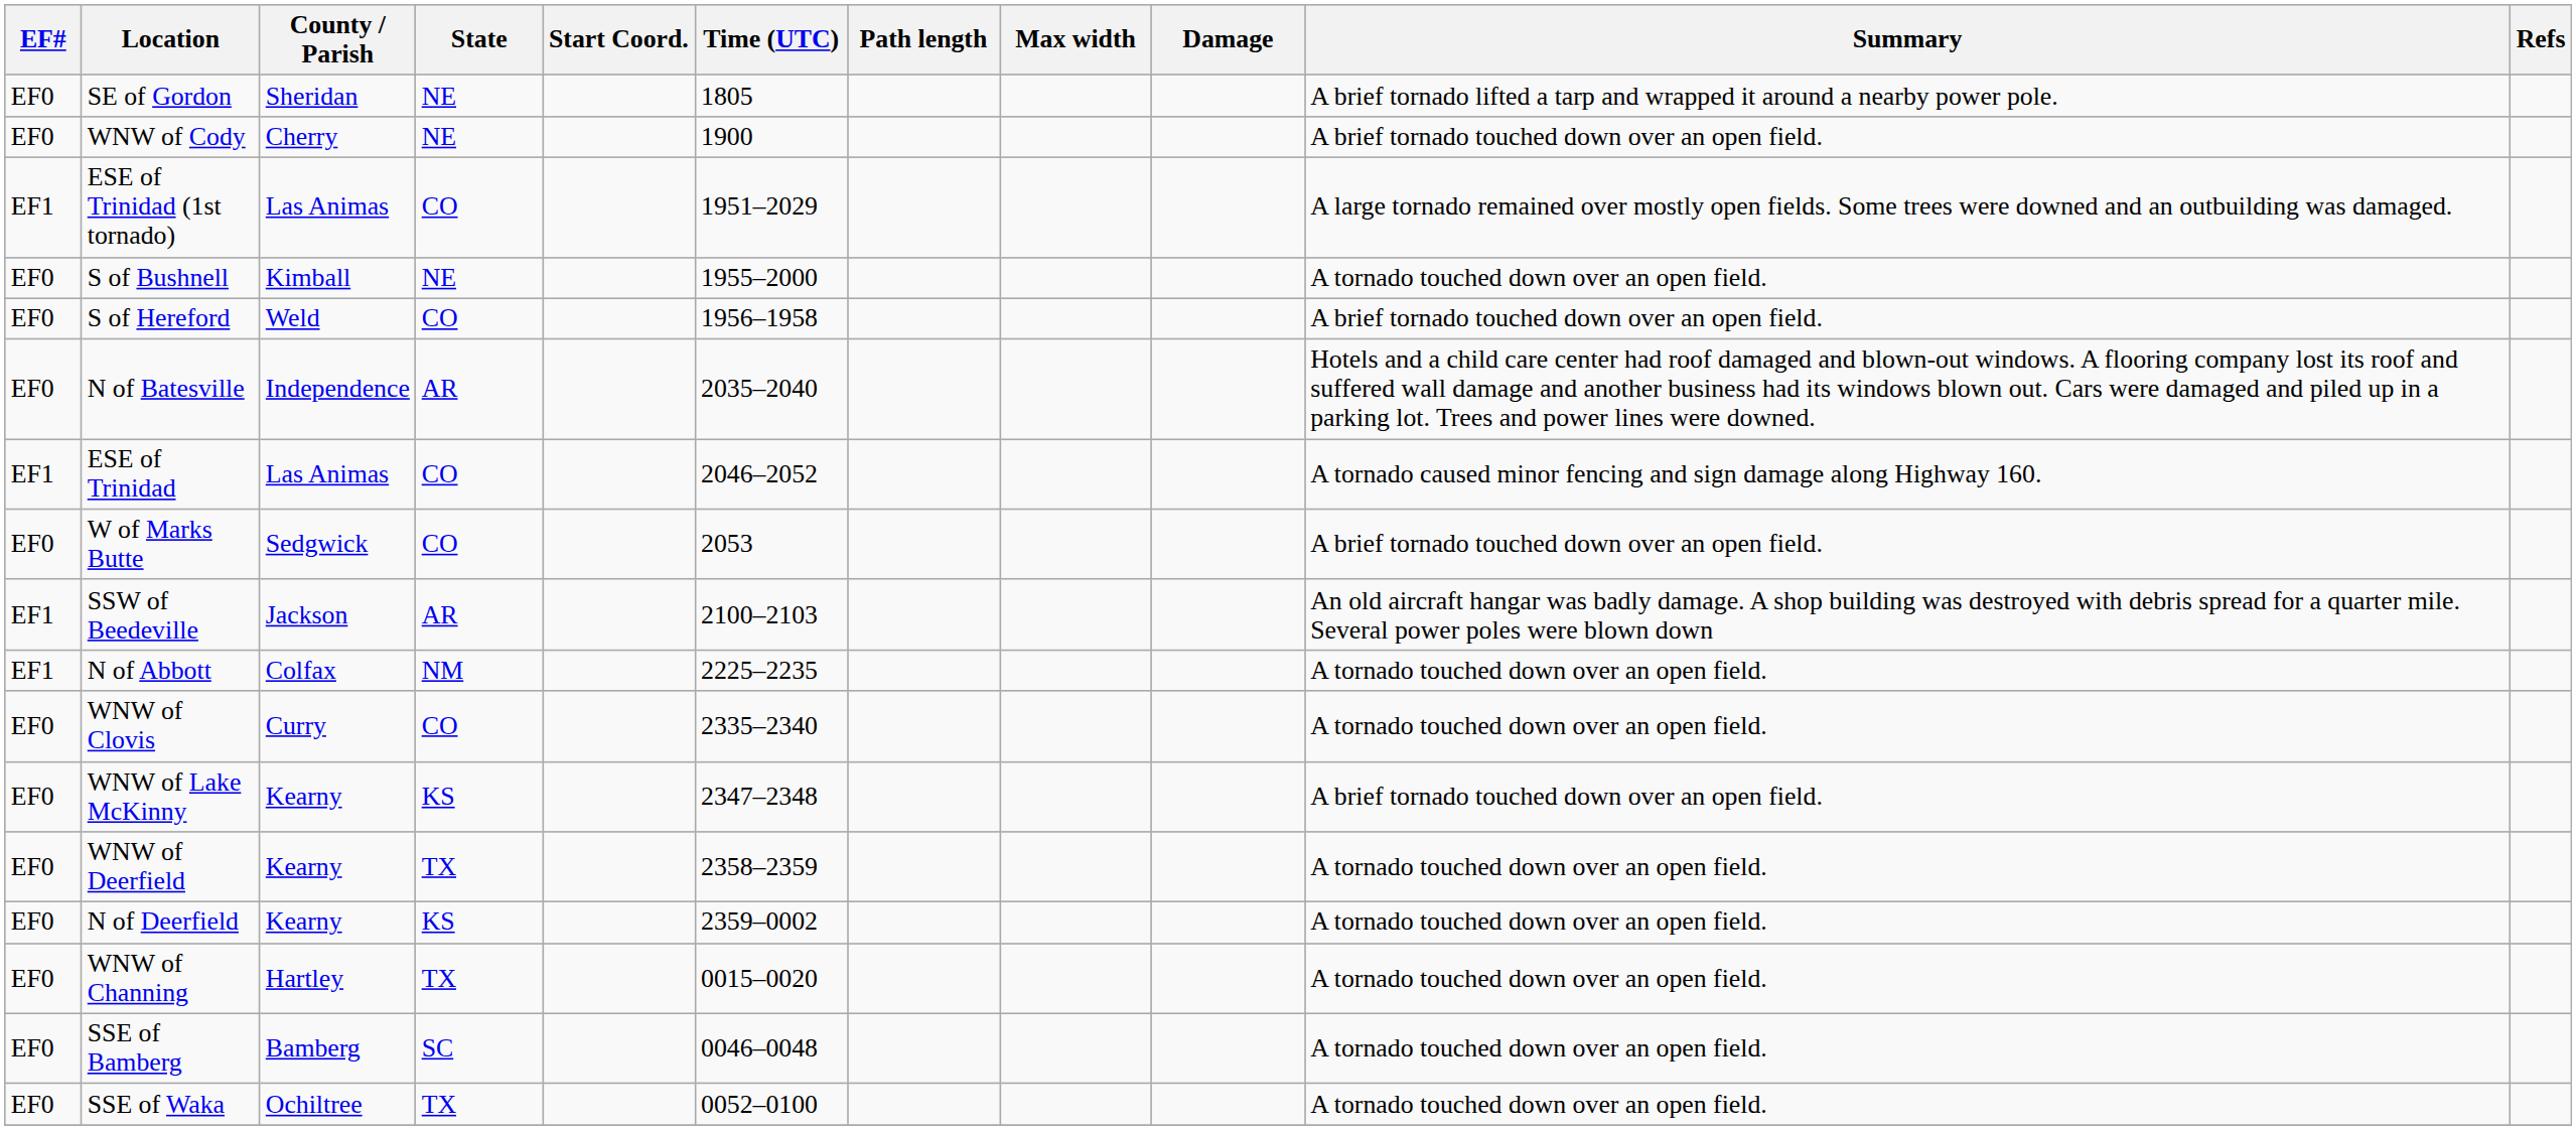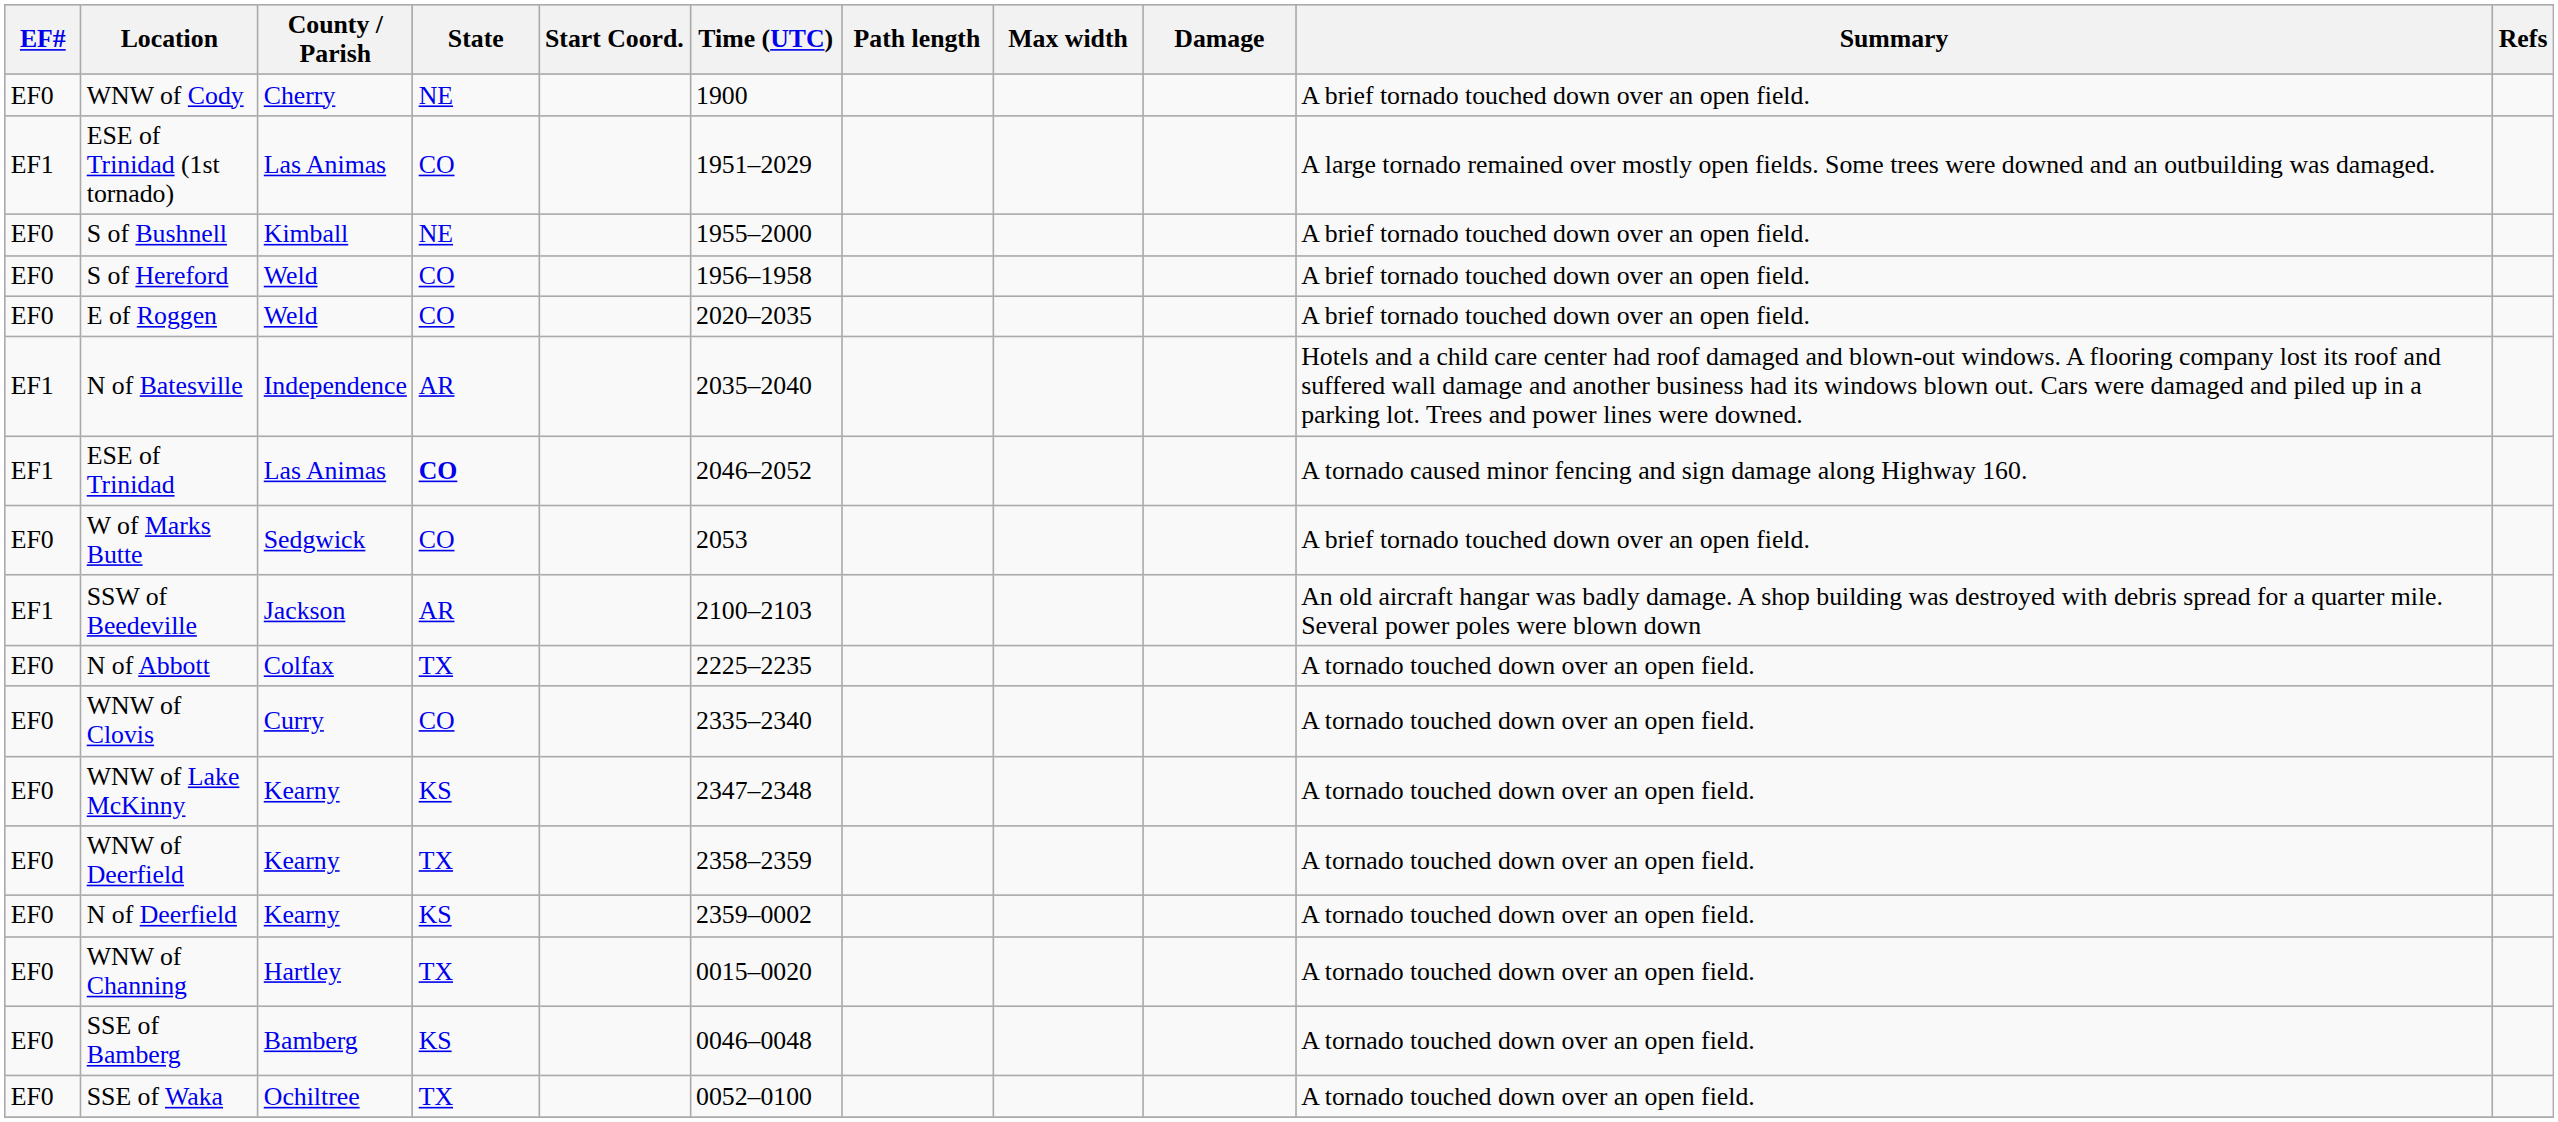 <table class="wikitable sortable" style="width:100%;">
 <tr>
 <th scope="col" width="3%" align="center"><a href='#'>EF#</a></th>
 <th scope="col" width="7%" align="center" class="unsortable">Location</th>
 <th scope="col" width="6%" align="center" class="unsortable">County / Parish</th>
 <th scope="col" width="5%" align="center">State</th>
 <th scope="col" width="6%" align="center">Start Coord.</th>
 <th scope="col" width="6%" align="center">Time (<a href='#'>UTC</a>)</th>
 <th scope="col" width="6%" align="center">Path length</th>
 <th scope="col" width="6%" align="center">Max width</th>
 <th scope="col" width="6%" align="center">Damage</th>
 <th scope="col" width="48%" class="unsortable" align="center">Summary</th>
 <th scope="col" width="48%" class="unsortable" align="center">Refs</th>
-</tr>
-<tr>
-<td>EF0</td>
-<td>SE of <a href='#'>Gordon</a></td>
-<td><a href='#'>Sheridan</a></td>
-<td><a href='#'>NE</a></td>
-<td></td>
-<td>1805</td>
-<td></td>
-<td></td>
-<td></td>
-<td>A brief tornado lifted a tarp and wrapped it around a nearby power pole.</td>
-<td></td>
 </tr>
 <tr>
 <td>EF0</td>
 <td>WNW of <a href='#'>Cody</a></td>
 <td><a href='#'>Cherry</a></td>
 <td><a href='#'>NE</a></td>
 <td></td>
 <td>1900</td>
 <td></td>
 <td></td>
 <td></td>
 <td>A brief tornado touched down over an open field.</td>
 <td></td>
 </tr>
 <tr>
 <td>EF1</td>
 <td>ESE of <a href='#'>Trinidad</a> (1st tornado)</td>
 <td><a href='#'>Las Animas</a></td>
 <td><a href='#'>CO</a></td>
 <td></td>
 <td>1951–2029</td>
 <td></td>
 <td></td>
 <td></td>
 <td>A large tornado remained over mostly open fields. Some trees were downed and an outbuilding was damaged.</td>
 <td></td>
 </tr>
 <tr>
 <td>EF0</td>
 <td>S of <a href='#'>Bushnell</a></td>
 <td><a href='#'>Kimball</a></td>
 <td><a href='#'>NE</a></td>
 <td></td>
 <td>1955–2000</td>
 <td></td>
 <td></td>
 <td></td>
-<td>A tornado touched down over an open field.</td>
+<td>A brief tornado touched down over an open field.</td>
 <td></td>
 </tr>
 <tr>
 <td>EF0</td>
 <td>S of <a href='#'>Hereford</a></td>
 <td><a href='#'>Weld</a></td>
 <td><a href='#'>CO</a></td>
 <td></td>
 <td>1956–1958</td>
 <td></td>
 <td></td>
 <td></td>
 <td>A brief tornado touched down over an open field.</td>
 <td></td>
 </tr>
 <tr>
 <td>EF0</td>
+<td>E of <a href='#'>Roggen</a></td>
+<td><a href='#'>Weld</a></td>
+<td><a href='#'>CO</a></td>
+<td></td>
+<td>2020–2035</td>
+<td></td>
+<td></td>
+<td></td>
+<td>A brief tornado touched down over an open field.</td>
+<td></td>
+</tr>
+<tr>
+<td>EF1</td>
 <td>N of <a href='#'>Batesville</a></td>
 <td><a href='#'>Independence</a></td>
 <td><a href='#'>AR</a></td>
 <td></td>
 <td>2035–2040</td>
 <td></td>
 <td></td>
 <td></td>
 <td>Hotels and a child care center had roof damaged and blown-out windows. A flooring company lost its roof and suffered wall damage and another business had its windows blown out. Cars were damaged and piled up in a parking lot. Trees and power lines were downed.</td>
 <td></td>
 </tr>
 <tr>
 <td>EF1</td>
 <td>ESE of <a href='#'>Trinidad</a></td>
 <td><a href='#'>Las Animas</a></td>
-<td><a href='#'>CO</a></td>
+<td><strong><a href='#'>CO</a></strong></td>
 <td></td>
 <td>2046–2052</td>
 <td></td>
 <td></td>
 <td></td>
 <td>A tornado caused minor fencing and sign damage along Highway 160.</td>
 <td></td>
 </tr>
 <tr>
 <td>EF0</td>
 <td>W of <a href='#'>Marks Butte</a></td>
 <td><a href='#'>Sedgwick</a></td>
 <td><a href='#'>CO</a></td>
 <td></td>
 <td>2053</td>
 <td></td>
 <td></td>
 <td></td>
 <td>A brief tornado touched down over an open field.</td>
 <td></td>
 </tr>
 <tr>
 <td>EF1</td>
 <td>SSW of <a href='#'>Beedeville</a></td>
 <td><a href='#'>Jackson</a></td>
 <td><a href='#'>AR</a></td>
 <td></td>
 <td>2100–2103</td>
 <td></td>
 <td></td>
 <td></td>
 <td>An old aircraft hangar was badly damage. A shop building was destroyed with debris spread for a quarter mile. Several power poles were blown down</td>
 <td></td>
 </tr>
 <tr>
-<td>EF1</td>
+<td>EF0</td>
 <td>N of <a href='#'>Abbott</a></td>
 <td><a href='#'>Colfax</a></td>
-<td><a href='#'>NM</a></td>
+<td><a href='#'>TX</a></td>
 <td></td>
 <td>2225–2235</td>
 <td></td>
 <td></td>
 <td></td>
 <td>A tornado touched down over an open field.</td>
 <td></td>
 </tr>
 <tr>
 <td>EF0</td>
 <td>WNW of <a href='#'>Clovis</a></td>
 <td><a href='#'>Curry</a></td>
 <td><a href='#'>CO</a></td>
 <td></td>
 <td>2335–2340</td>
 <td></td>
 <td></td>
 <td></td>
 <td>A tornado touched down over an open field.</td>
 <td></td>
 </tr>
 <tr>
 <td>EF0</td>
 <td>WNW of <a href='#'>Lake McKinny</a></td>
 <td><a href='#'>Kearny</a></td>
 <td><a href='#'>KS</a></td>
 <td></td>
 <td>2347–2348</td>
 <td></td>
 <td></td>
 <td></td>
-<td>A brief tornado touched down over an open field.</td>
+<td>A tornado touched down over an open field.</td>
 <td></td>
 </tr>
 <tr>
 <td>EF0</td>
 <td>WNW of <a href='#'>Deerfield</a></td>
 <td><a href='#'>Kearny</a></td>
 <td><a href='#'>TX</a></td>
 <td></td>
 <td>2358–2359</td>
 <td></td>
 <td></td>
 <td></td>
 <td>A tornado touched down over an open field.</td>
 <td></td>
 </tr>
 <tr>
 <td>EF0</td>
 <td>N of <a href='#'>Deerfield</a></td>
 <td><a href='#'>Kearny</a></td>
 <td><a href='#'>KS</a></td>
 <td></td>
 <td>2359–0002</td>
 <td></td>
 <td></td>
 <td></td>
 <td>A tornado touched down over an open field.</td>
 <td></td>
 </tr>
 <tr>
 <td>EF0</td>
 <td>WNW of <a href='#'>Channing</a></td>
 <td><a href='#'>Hartley</a></td>
 <td><a href='#'>TX</a></td>
 <td></td>
 <td>0015–0020</td>
 <td></td>
 <td></td>
 <td></td>
 <td>A tornado touched down over an open field.</td>
 <td></td>
 </tr>
 <tr>
 <td>EF0</td>
 <td>SSE of <a href='#'>Bamberg</a></td>
 <td><a href='#'>Bamberg</a></td>
-<td><a href='#'>SC</a></td>
+<td><a href='#'>KS</a></td>
 <td></td>
 <td>0046–0048</td>
 <td></td>
 <td></td>
 <td></td>
 <td>A tornado touched down over an open field.</td>
 <td></td>
 </tr>
 <tr>
 <td>EF0</td>
 <td>SSE of <a href='#'>Waka</a></td>
 <td><a href='#'>Ochiltree</a></td>
 <td><a href='#'>TX</a></td>
 <td></td>
 <td>0052–0100</td>
 <td></td>
 <td></td>
 <td></td>
 <td>A tornado touched down over an open field.</td>
 <td></td>
 </tr>
 <tr>
 </tr>
 </table>
